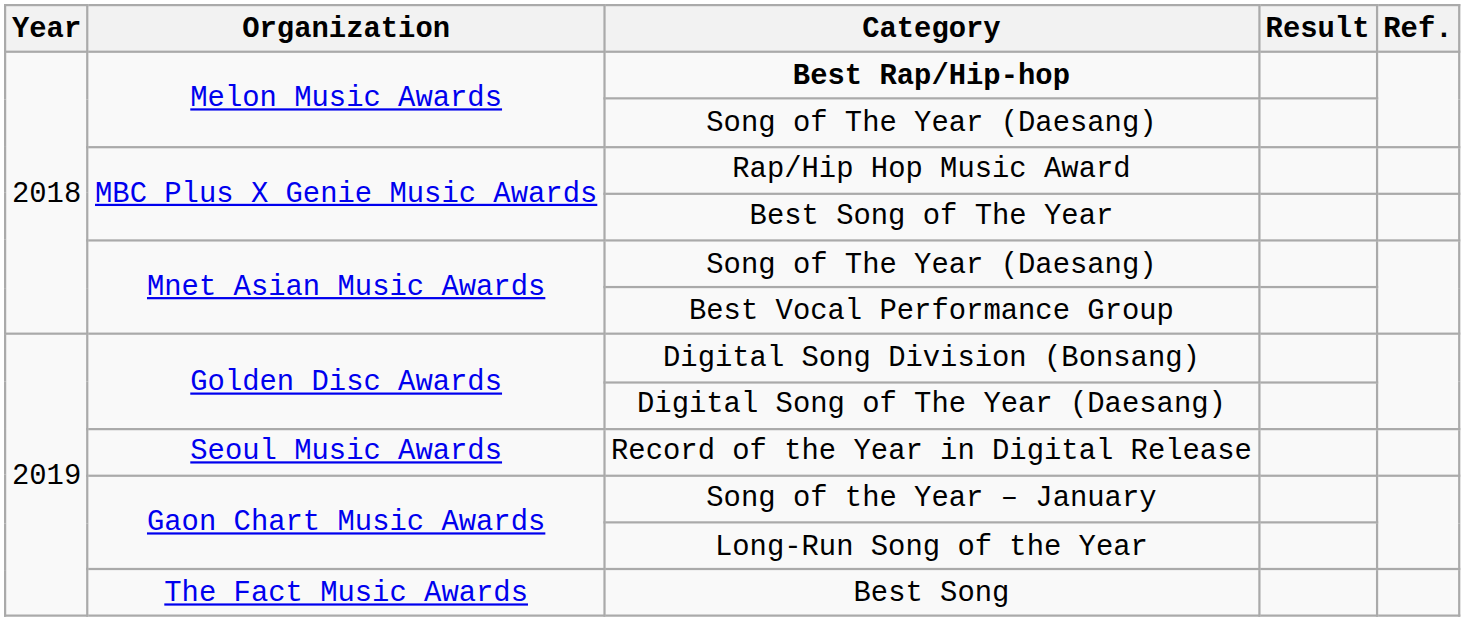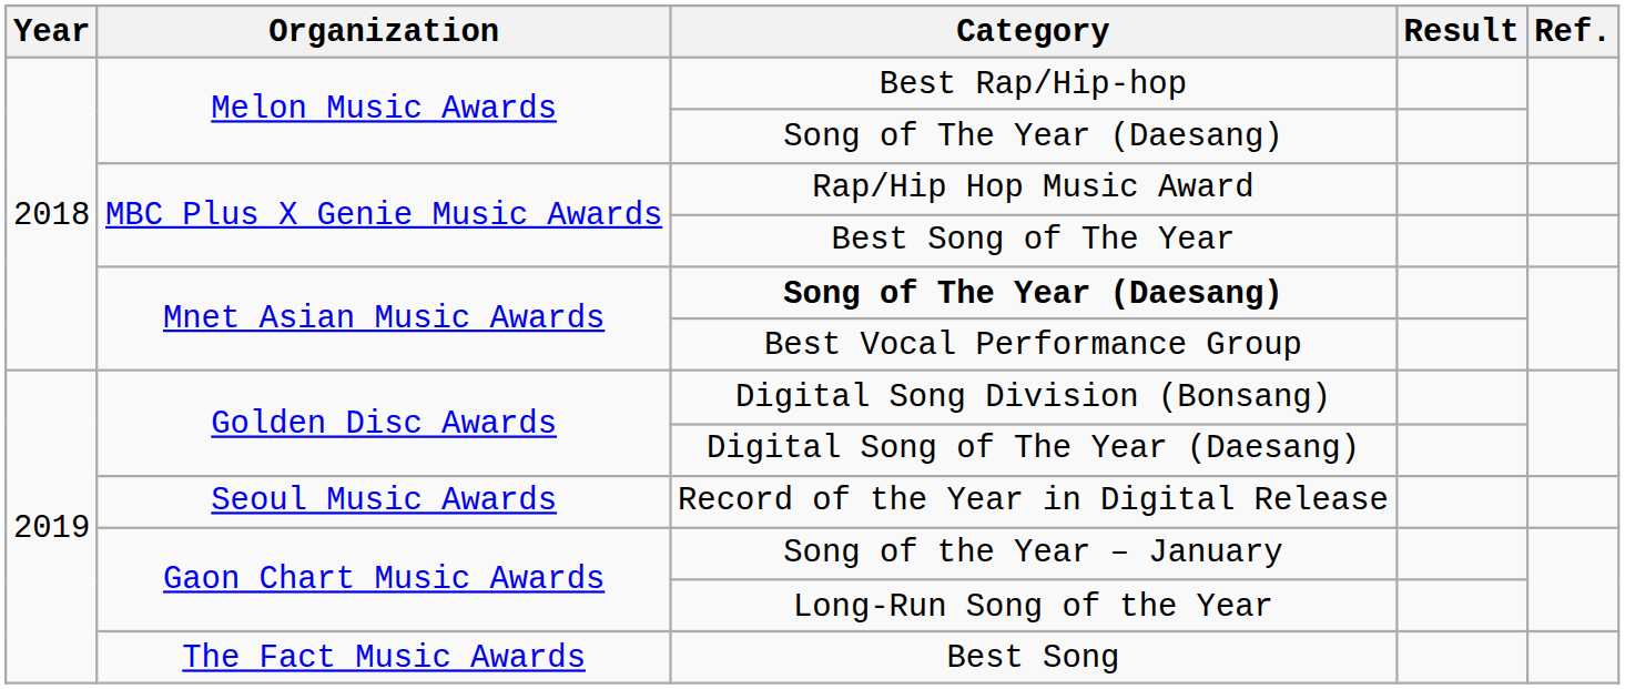 <table class="wikitable" style="text-align:center">
 <tr>
 <th>Year</th>
 <th>Organization</th>
 <th>Category</th>
 <th>Result</th>
 <th>Ref.</th>
 </tr>
 <tr>
 <td rowspan=6>2018</td>
 <td rowspan=2><a href='#'>Melon Music Awards</a></td>
-<td><strong>Best Rap/Hip-hop</strong></td>
+<td>Best Rap/Hip-hop</td>
 <td></td>
 <td rowspan=2></td>
 </tr>
 <tr>
 <td>Song of The Year (Daesang)</td>
 <td></td>
 </tr>
 <tr>
 <td rowspan="2"><a href='#'>MBC Plus X Genie Music Awards</a></td>
 <td>Rap/Hip Hop Music Award</td>
 <td></td>
 <td></td>
 </tr>
 <tr>
 <td>Best Song of The Year</td>
 <td></td>
 <td></td>
 </tr>
 <tr>
 <td rowspan="2"><a href='#'>Mnet Asian Music Awards</a></td>
-<td>Song of The Year (Daesang)</td>
+<td><strong>Song of The Year (Daesang)</strong></td>
 <td></td>
 <td rowspan="2"></td>
 </tr>
 <tr>
 <td>Best Vocal Performance Group</td>
 <td></td>
 </tr>
 <tr>
 <td rowspan=6>2019</td>
 <td rowspan=2><a href='#'>Golden Disc Awards</a></td>
 <td>Digital Song Division (Bonsang)</td>
 <td></td>
 <td rowspan=2></td>
 </tr>
 <tr>
 <td>Digital Song of The Year (Daesang)</td>
 <td></td>
 </tr>
 <tr>
 <td><a href='#'>Seoul Music Awards</a></td>
 <td>Record of the Year in Digital Release</td>
 <td></td>
 <td></td>
 </tr>
 <tr>
 <td rowspan="2"><a href='#'>Gaon Chart Music Awards</a></td>
 <td>Song of the Year – January</td>
 <td></td>
 <td rowspan="2"></td>
 </tr>
 <tr>
 <td>Long-Run Song of the Year</td>
 <td></td>
 </tr>
 <tr>
 <td><a href='#'>The Fact Music Awards</a></td>
 <td>Best Song</td>
 <td></td>
 <td></td>
 </tr>
 </table>
